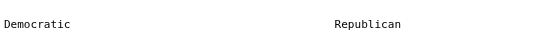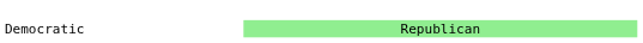 <table style="width:60em; text-align:center">
 <tr style="color:white">
 <td style="background:"><strong>56</strong></td>
 <td style="background:"><strong>44</strong></td>
 </tr>
 <tr>
 <td>Democratic</td>
-<td>Republican</td>
+<td style="background: lightgreen;">Republican</td>
 </tr>
 </table>
